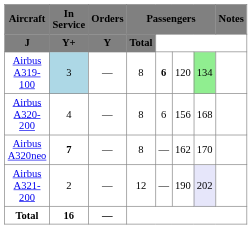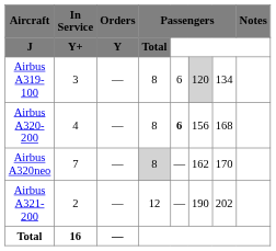 <table class="toccolours" border="1" cellpadding="4" style="margin:1em auto; border-collapse:collapse;text-align:center">
 <tr bgcolor=grey>
 <th rowspan="2"><span>Aircraft</span></th>
 <th rowspan="2" style="width:50px;"><span>In Service</span></th>
 <th rowspan="2" style="width:40px;"><span>Orders</span></th>
 <th colspan="4"><span>Passengers  </span></th>
 <th rowspan="2"><span>Notes</span></th>
 </tr>
 <tr>
 </tr>
 <tr bgcolor=grey>
 <th style="width:20px;"><abbr><span>J</span></abbr></th>
 <th style="width:20px;"><abbr><span>Y+</span></abbr></th>
 <th style="width:20px;"><abbr><span>Y</span></abbr></th>
 <th style="width:25px;"><abbr><span>Total</span></abbr></th>
 </tr>
 <tr>
 <td><a href='#'>Airbus A319-100</a></td>
-<td style="background: lightblue;">3</td>
+<td>3</td>
 <td>—</td>
 <td>8</td>
-<td><strong>6</strong></td>
-<td>120</td>
-<td style="background: lightgreen;">134</td>
+<td>6</td>
+<td style="background: lightgrey;">120</td>
+<td>134</td>
 <td></td>
 </tr>
 <tr>
 <td><a href='#'>Airbus A320-200</a></td>
 <td>4</td>
 <td>—</td>
 <td>8</td>
-<td>6</td>
+<td><strong>6</strong></td>
 <td>156</td>
 <td>168</td>
 <td></td>
 </tr>
 <tr>
 <td><a href='#'>Airbus A320neo</a></td>
-<td><strong>7</strong></td>
+<td>7</td>
 <td>—</td>
-<td>8</td>
+<td style="background: lightgrey;">8</td>
 <td>—</td>
 <td>162</td>
 <td>170</td>
 <td></td>
 </tr>
 <tr>
 <td><a href='#'>Airbus A321-200</a></td>
 <td>2</td>
 <td>—</td>
 <td>12</td>
 <td>—</td>
 <td>190</td>
-<td style="background: lavender;">202</td>
+<td>202</td>
 <td></td>
 </tr>
 <tr>
 <th>Total</th>
 <th>16</th>
 <th>—</th>
 <th colspan="5"></th>
 </tr>
 </table>
